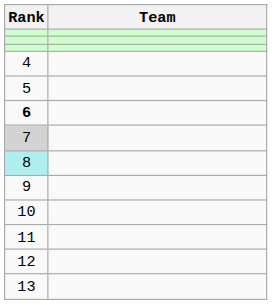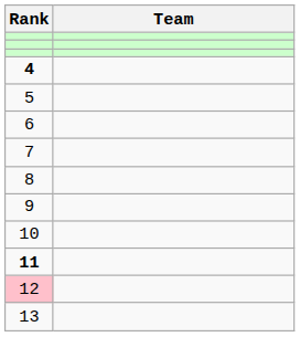 <table class=wikitable style="text-align:center;">
 <tr>
 <th>Rank</th>
 <th width=180>Team</th>
 </tr>
 <tr bgcolor=#CCFFCC>
 <td></td>
 <td align=left></td>
 </tr>
 <tr bgcolor=#CCFFCC>
 <td></td>
 <td align=left></td>
 </tr>
 <tr bgcolor=#CCFFCC>
 <td></td>
 <td align=left></td>
 </tr>
 <tr>
-<td>4</td>
+<td><strong>4</strong></td>
 <td align=left></td>
 </tr>
 <tr>
 <td>5</td>
 <td align=left></td>
 </tr>
 <tr>
-<td><strong>6</strong></td>
+<td>6</td>
 <td align=left></td>
 </tr>
 <tr>
-<td style="background: lightgrey;">7</td>
+<td>7</td>
 <td align=left></td>
 </tr>
 <tr>
-<td style="background: paleturquoise;">8</td>
+<td>8</td>
 <td align=left></td>
 </tr>
 <tr>
 <td>9</td>
 <td align=left></td>
 </tr>
 <tr>
 <td>10</td>
 <td align=left></td>
 </tr>
 <tr>
-<td>11</td>
+<td><strong>11</strong></td>
 <td align=left></td>
 </tr>
 <tr>
-<td>12</td>
+<td style="background: pink;">12</td>
 <td align=left></td>
 </tr>
 <tr>
 <td>13</td>
 <td align=left></td>
 </tr>
 </table>
